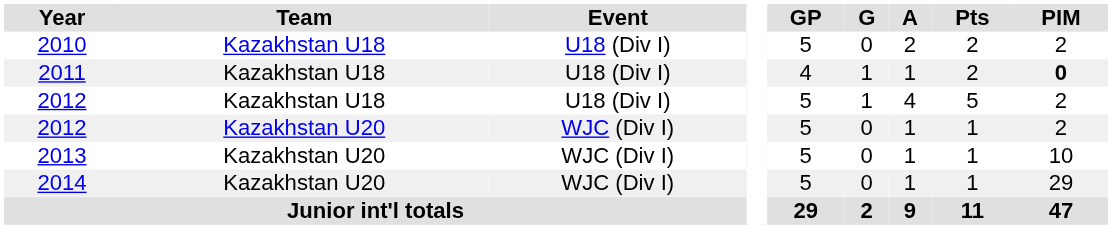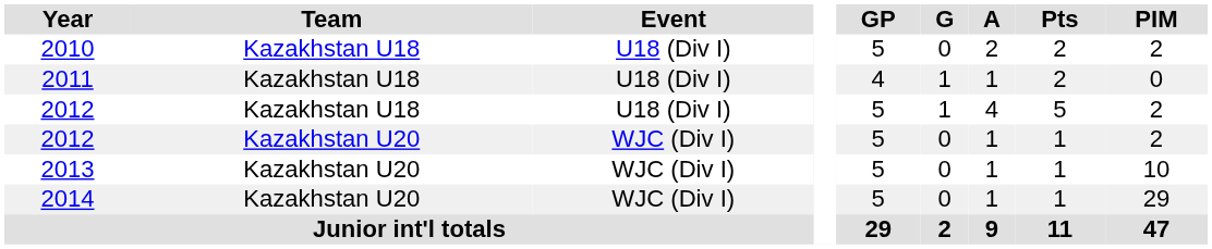 <table border="0" cellpadding="1" cellspacing="0" style="text-align:center; width:50em">
 <tr ALIGN="center" bgcolor="#e0e0e0">
 <th>Year</th>
 <th>Team</th>
 <th>Event</th>
 <th ALIGN="center" rowspan="99" bgcolor="#ffffff"> </th>
 <th>GP</th>
 <th>G</th>
 <th>A</th>
 <th>Pts</th>
 <th>PIM</th>
 </tr>
 <tr ALIGN="center">
 <td><a href='#'>2010</a></td>
 <td><a href='#'>Kazakhstan U18</a></td>
 <td><a href='#'>U18</a> (Div I)</td>
 <td>5</td>
 <td>0</td>
 <td>2</td>
 <td>2</td>
 <td>2</td>
 </tr>
 <tr ALIGN="center" bgcolor="#f0f0f0">
 <td><a href='#'>2011</a></td>
 <td>Kazakhstan U18</td>
 <td>U18 (Div I)</td>
 <td>4</td>
 <td>1</td>
 <td>1</td>
 <td>2</td>
-<td><strong>0</strong></td>
+<td>0</td>
 </tr>
 <tr ALIGN="center">
 <td><a href='#'>2012</a></td>
 <td>Kazakhstan U18</td>
 <td>U18 (Div I)</td>
 <td>5</td>
 <td>1</td>
 <td>4</td>
 <td>5</td>
 <td>2</td>
 </tr>
 <tr ALIGN="center" bgcolor="#f0f0f0">
 <td><a href='#'>2012</a></td>
 <td><a href='#'>Kazakhstan U20</a></td>
 <td><a href='#'>WJC</a> (Div I)</td>
 <td>5</td>
 <td>0</td>
 <td>1</td>
 <td>1</td>
 <td>2</td>
 </tr>
 <tr ALIGN="center">
 <td><a href='#'>2013</a></td>
 <td>Kazakhstan U20</td>
 <td>WJC (Div I)</td>
 <td>5</td>
 <td>0</td>
 <td>1</td>
 <td>1</td>
 <td>10</td>
 </tr>
 <tr ALIGN="center" bgcolor="#f0f0f0">
 <td><a href='#'>2014</a></td>
 <td>Kazakhstan U20</td>
 <td>WJC (Div I)</td>
 <td>5</td>
 <td>0</td>
 <td>1</td>
 <td>1</td>
 <td>29</td>
 </tr>
 <tr style="text-align:center; background:#e0e0e0;">
 <th colspan=3>Junior int'l totals</th>
 <th>29</th>
 <th>2</th>
 <th>9</th>
 <th>11</th>
 <th>47</th>
 </tr>
 </table>
